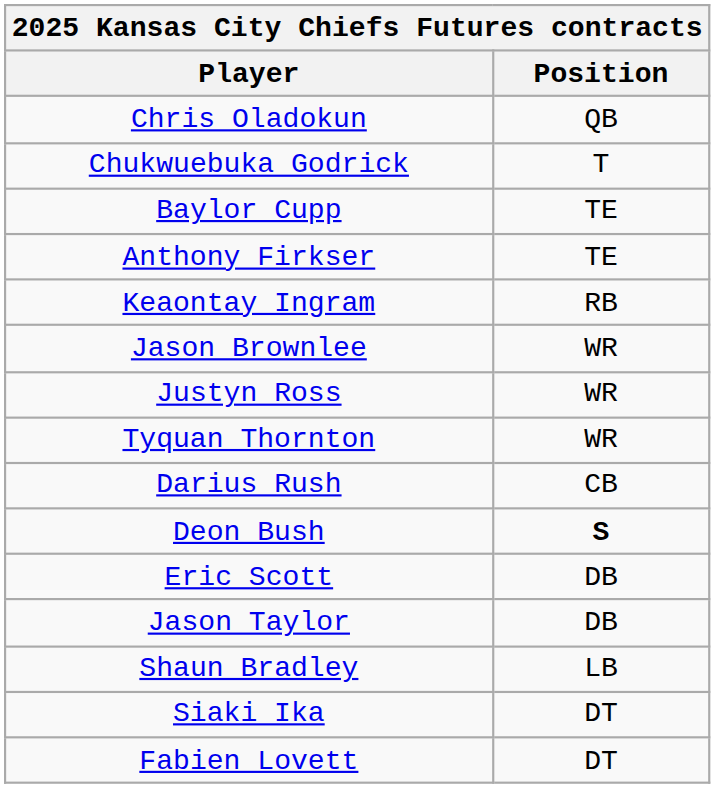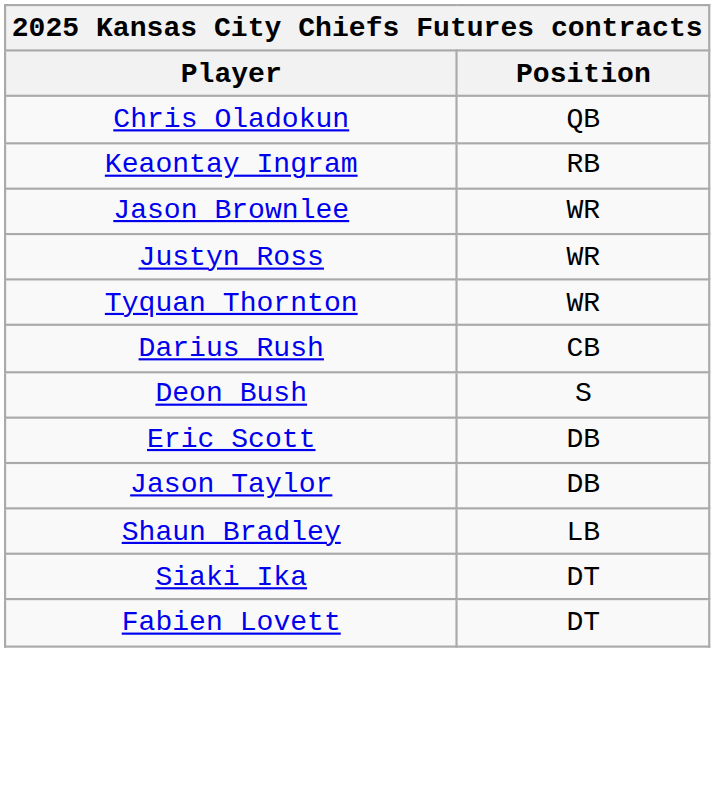 <table class="wikitable" style="text-align:center">
 <tr>
 <th colspan=2>2025 Kansas City Chiefs Futures contracts</th>
 </tr>
 <tr>
 <th>Player</th>
 <th>Position</th>
 </tr>
 <tr>
 <td><a href='#'>Chris Oladokun</a></td>
 <td>QB</td>
-</tr>
-<tr>
-<td><a href='#'>Chukwuebuka Godrick</a></td>
-<td>T</td>
-</tr>
-<tr>
-<td><a href='#'>Baylor Cupp</a></td>
-<td>TE</td>
-</tr>
-<tr>
-<td><a href='#'>Anthony Firkser</a></td>
-<td>TE</td>
 </tr>
 <tr>
 <td><a href='#'>Keaontay Ingram</a></td>
 <td>RB</td>
 </tr>
 <tr>
 <td><a href='#'>Jason Brownlee</a></td>
 <td>WR</td>
 </tr>
 <tr>
 <td><a href='#'>Justyn Ross</a></td>
 <td>WR</td>
 </tr>
 <tr>
 <td><a href='#'>Tyquan Thornton</a></td>
 <td>WR</td>
 </tr>
 <tr>
 <td><a href='#'>Darius Rush</a></td>
 <td>CB</td>
 </tr>
 <tr>
 <td><a href='#'>Deon Bush</a></td>
-<td><strong>S</strong></td>
+<td>S</td>
 </tr>
 <tr>
 <td><a href='#'>Eric Scott</a></td>
 <td>DB</td>
 </tr>
 <tr>
 <td><a href='#'>Jason Taylor</a></td>
 <td>DB</td>
 </tr>
 <tr>
 <td><a href='#'>Shaun Bradley</a></td>
 <td>LB</td>
 </tr>
 <tr>
 <td><a href='#'>Siaki Ika</a></td>
 <td>DT</td>
 </tr>
 <tr>
 <td><a href='#'>Fabien Lovett</a></td>
 <td>DT</td>
 </tr>
 </table>
